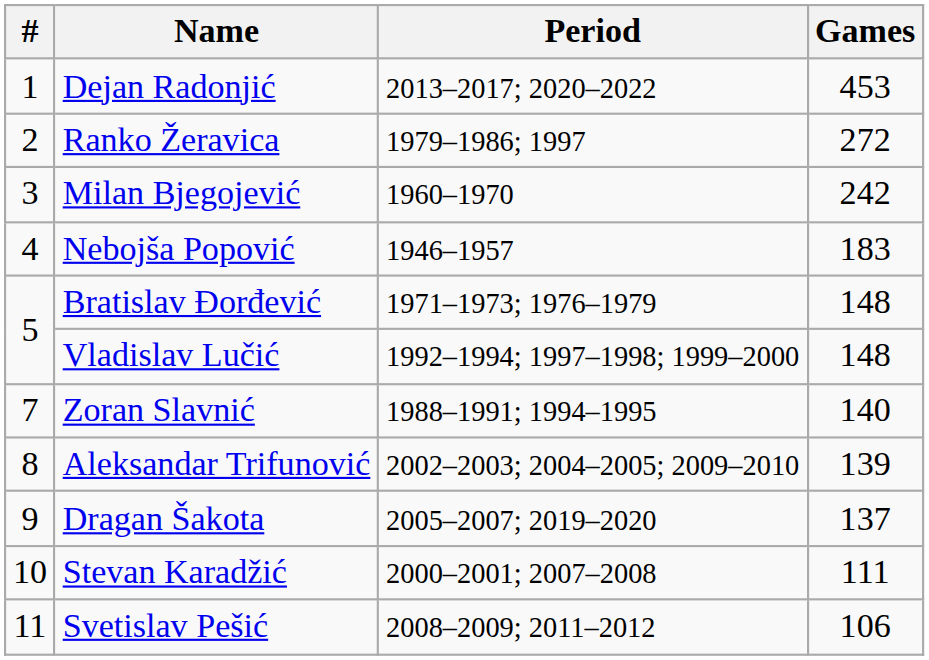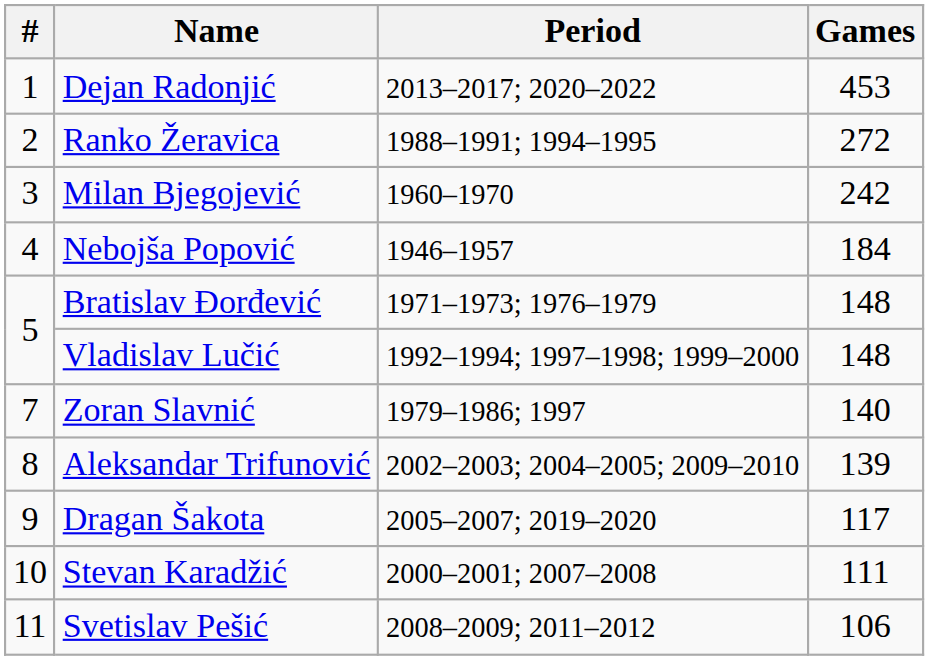 <table class="wikitable">
 <tr>
 <th>#</th>
 <th>Name</th>
 <th>Period</th>
 <th>Games</th>
 </tr>
 <tr>
 <td style="text-align:center;">1</td>
 <td> <a href='#'>Dejan Radonjić</a></td>
 <td><small>2013–2017; 2020–2022</small></td>
 <td style="text-align:center;">453</td>
 </tr>
 <tr>
 <td style="text-align:center;">2</td>
 <td> <a href='#'>Ranko Žeravica</a></td>
-<td><small>1979–1986; 1997</small></td>
+<td><small>1988–1991; 1994–1995</small></td>
 <td style="text-align:center;">272</td>
 </tr>
 <tr>
 <td style="text-align:center;">3</td>
 <td> <a href='#'>Milan Bjegojević</a></td>
 <td><small>1960–1970</small></td>
 <td style="text-align:center;">242</td>
 </tr>
 <tr>
 <td style="text-align:center;">4</td>
 <td> <a href='#'>Nebojša Popović</a></td>
 <td><small>1946–1957</small></td>
-<td style="text-align:center;">183</td>
+<td style="text-align:center;">184</td>
 </tr>
 <tr>
 <td rowspan=2 style="text-align:center;">5</td>
 <td> <a href='#'>Bratislav Đorđević</a></td>
 <td><small>1971–1973; 1976–1979</small></td>
 <td style="text-align:center;">148</td>
 </tr>
 <tr>
 <td> <a href='#'>Vladislav Lučić</a></td>
 <td><small>1992–1994; 1997–1998; 1999–2000</small></td>
 <td style="text-align:center;">148</td>
 </tr>
 <tr>
 <td style="text-align:center;">7</td>
 <td> <a href='#'>Zoran Slavnić</a></td>
-<td><small>1988–1991; 1994–1995</small></td>
+<td><small>1979–1986; 1997</small></td>
 <td style="text-align:center;">140</td>
 </tr>
 <tr>
 <td style="text-align:center;">8</td>
 <td> <a href='#'>Aleksandar Trifunović</a></td>
 <td><small>2002–2003; 2004–2005; 2009–2010</small></td>
 <td style="text-align:center;">139</td>
 </tr>
 <tr>
 <td style="text-align:center;">9</td>
 <td> <a href='#'>Dragan Šakota</a></td>
 <td><small>2005–2007; 2019–2020</small></td>
-<td style="text-align:center;">137</td>
+<td style="text-align:center;">117</td>
 </tr>
 <tr>
 <td style="text-align:center;">10</td>
 <td> <a href='#'>Stevan Karadžić</a></td>
 <td><small>2000–2001; 2007–2008</small></td>
 <td style="text-align:center;">111</td>
 </tr>
 <tr>
 <td style="text-align:center;">11</td>
 <td> <a href='#'>Svetislav Pešić</a></td>
 <td><small>2008–2009; 2011–2012</small></td>
 <td style="text-align:center;">106</td>
 </tr>
 </table>
